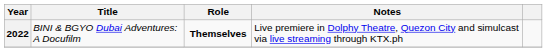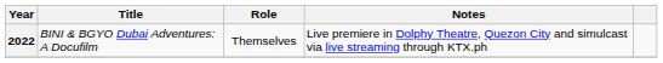 <table class="wikitable sortable plainrowheaders" style="text-align:left;">
 <tr>
 <th style="width:1em;" scope="col">Year</th>
 <th style="width:25em;" scope="col">Title</th>
 <th style="width:7em;" scope="col">Role</th>
 <th style="width:50em;" scope="col">Notes</th>
 <th style="width:3em;" scope="col"></th>
 </tr>
 <tr>
 <th style="text-align:center" scope="row"><strong>2022</strong></th>
 <td><em>BINI & BGYO <a href='#'>Dubai</a> Adventures: A Docufilm</em></td>
-<td style="text-align:center;" rowspan="1"><strong>Themselves</strong></td>
+<td style="text-align:center;" rowspan="1">Themselves</td>
 <td>Live premiere in <a href='#'>Dolphy Theatre</a>, <a href='#'>Quezon City</a> and simulcast via <a href='#'>live streaming</a> through KTX.ph</td>
 <td style="text-align:center"></td>
 </tr>
 <tr>
 </tr>
 </table>
